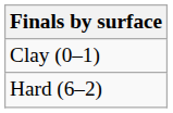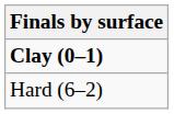 <table class=wikitable style=font-size:97%>
 <tr>
 <th>Finals by surface</th>
 </tr>
 <tr>
-<td>Clay (0–1)</td>
+<td><strong>Clay (0–1)</strong></td>
 </tr>
 <tr>
 <td>Hard (6–2)</td>
 </tr>
 </table>
